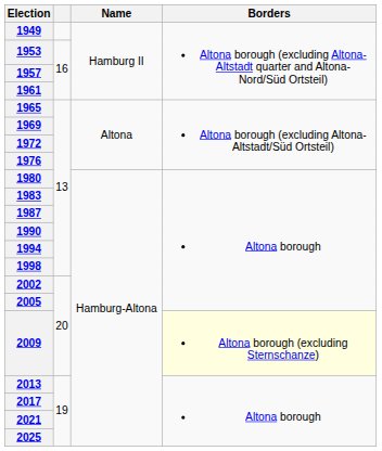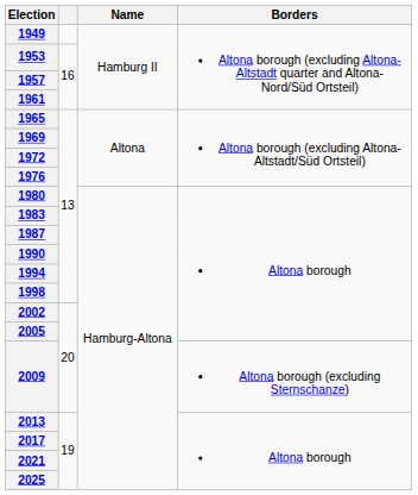 <table class=wikitable style="text-align:center">
 <tr>
 <th>Election</th>
 <th></th>
 <th width=125px>Name</th>
 <th width=300px>Borders</th>
 </tr>
 <tr>
 <th><a href='#'>1949</a></th>
 <td></td>
 <td rowspan=4>Hamburg II</td>
 <td rowspan=4><br><ul><li><a href='#'>Altona</a> borough (excluding <a href='#'>Altona-Altstadt</a> quarter and Altona-Nord/Süd Ortsteil)</li></ul></td>
 </tr>
 <tr>
 <th><a href='#'>1953</a></th>
 <td rowspan=3>16</td>
 </tr>
 <tr>
 <th><a href='#'>1957</a></th>
 </tr>
 <tr>
 <th><a href='#'>1961</a></th>
 </tr>
 <tr>
 <th><a href='#'>1965</a></th>
 <td rowspan=10>13</td>
 <td rowspan=4>Altona</td>
 <td rowspan=4><br><ul><li><a href='#'>Altona</a> borough (excluding Altona-Altstadt/Süd Ortsteil)</li></ul></td>
 </tr>
 <tr>
 <th><a href='#'>1969</a></th>
 </tr>
 <tr>
 <th><a href='#'>1972</a></th>
 </tr>
 <tr>
 <th><a href='#'>1976</a></th>
 </tr>
 <tr>
 <th><a href='#'>1980</a></th>
 <td rowspan=13>Hamburg-Altona</td>
 <td rowspan=8><br><ul><li><a href='#'>Altona</a> borough</li></ul></td>
 </tr>
 <tr>
 <th><a href='#'>1983</a></th>
 </tr>
 <tr>
 <th><a href='#'>1987</a></th>
 </tr>
 <tr>
 <th><a href='#'>1990</a></th>
 </tr>
 <tr>
 <th><a href='#'>1994</a></th>
 </tr>
 <tr>
 <th><a href='#'>1998</a></th>
 </tr>
 <tr>
 <th><a href='#'>2002</a></th>
 <td rowspan=3>20</td>
 </tr>
 <tr>
 <th><a href='#'>2005</a></th>
 </tr>
 <tr>
 <th><a href='#'>2009</a></th>
-<td style="background: lightyellow;"><br><ul><li><a href='#'>Altona</a> borough (excluding <a href='#'>Sternschanze</a>)</li></ul></td>
+<td><br><ul><li><a href='#'>Altona</a> borough (excluding <a href='#'>Sternschanze</a>)</li></ul></td>
 </tr>
 <tr>
 <th><a href='#'>2013</a></th>
 <td rowspan=4>19</td>
 <td rowspan=4><br><ul><li><a href='#'>Altona</a> borough</li></ul></td>
 </tr>
 <tr>
 <th><a href='#'>2017</a></th>
 </tr>
 <tr>
 <th><a href='#'>2021</a></th>
 </tr>
 <tr>
 <th><a href='#'>2025</a></th>
 </tr>
 </table>
